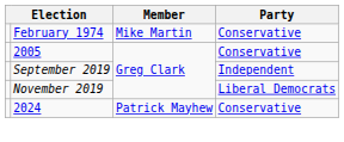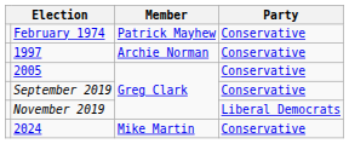 <table class="wikitable">
 <tr>
 <th colspan="2">Election</th>
 <th>Member</th>
 <th>Party</th>
 </tr>
 <tr>
 <td style="color:inherit;background-color: "></td>
 <td><a href='#'>February 1974</a></td>
-<td><a href='#'>Mike Martin</a></td>
+<td><a href='#'>Patrick Mayhew</a></td>
+<td><a href='#'>Conservative</a></td>
+</tr>
+<tr>
+<td style="color:inherit;background-color: "></td>
+<td><a href='#'>1997</a></td>
+<td><a href='#'>Archie Norman</a></td>
 <td><a href='#'>Conservative</a></td>
 </tr>
 <tr>
 <td style="color:inherit;background-color: "></td>
 <td><a href='#'>2005</a></td>
 <td rowspan=3><a href='#'>Greg Clark</a></td>
 <td><a href='#'>Conservative</a></td>
 </tr>
 <tr>
 <td style="color:inherit;background-color: "></td>
 <td><em>September 2019</em></td>
-<td><a href='#'>Independent</a></td>
+<td><a href='#'>Conservative</a></td>
 </tr>
 <tr>
 <td style="color:inherit;background-color: "></td>
 <td><em>November 2019</em></td>
 <td><a href='#'>Liberal Democrats</a></td>
 </tr>
 <tr>
 <td style="color:inherit;background-color: "></td>
 <td><a href='#'>2024</a></td>
-<td><a href='#'>Patrick Mayhew</a></td>
+<td><a href='#'>Mike Martin</a></td>
 <td><a href='#'>Conservative</a></td>
 </tr>
 </table>
